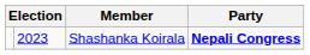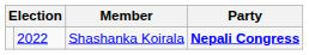 <table class="wikitable">
 <tr>
 <th colspan="2">Election</th>
 <th>Member</th>
 <th>Party</th>
 </tr>
 <tr>
 <td style="background-color:"></td>
-<td><a href='#'>2023</a></td>
+<td><a href='#'>2022</a></td>
 <td><a href='#'>Shashanka Koirala</a></td>
 <td><strong><a href='#'>Nepali Congress</a></strong></td>
 </tr>
 </table>
